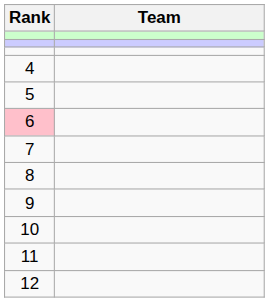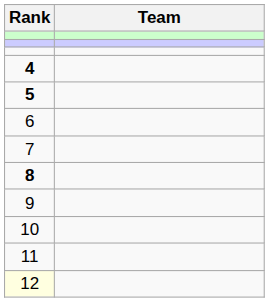 <table class="wikitable" style="text-align: center;">
 <tr>
 <th width=40>Rank</th>
 <th width=190>Team</th>
 </tr>
 <tr bgcolor=ccffcc>
 <td></td>
 <td align=left></td>
 </tr>
 <tr bgcolor=ccccff>
 <td></td>
 <td align=left></td>
 </tr>
 <tr>
 <td></td>
 <td align=left></td>
 </tr>
 <tr>
-<td>4</td>
+<td><strong>4</strong></td>
 <td align=left></td>
 </tr>
 <tr>
-<td>5</td>
+<td><strong>5</strong></td>
 <td align=left></td>
 </tr>
 <tr>
-<td style="background: pink;">6</td>
+<td>6</td>
 <td align=left></td>
 </tr>
 <tr>
 <td>7</td>
 <td align=left></td>
 </tr>
 <tr>
-<td>8</td>
+<td><strong>8</strong></td>
 <td align=left></td>
 </tr>
 <tr>
 <td>9</td>
 <td align=left></td>
 </tr>
 <tr>
 <td>10</td>
 <td align=left></td>
 </tr>
 <tr>
 <td>11</td>
 <td align=left></td>
 </tr>
 <tr>
-<td>12</td>
+<td style="background: lightyellow;">12</td>
 <td align=left></td>
 </tr>
 </table>
